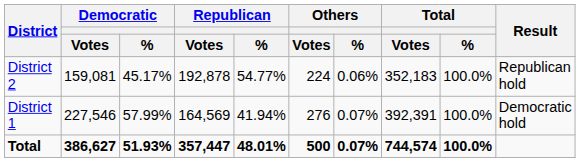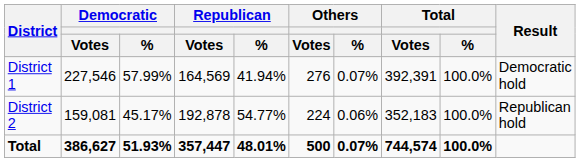 <table class="wikitable plainrowheaders sortable" style="font-size:100%; text-align:right;">
 <tr>
 <th scope=col rowspan=3><a href='#'>District</a></th>
 <th scope=col colspan=2><a href='#'>Democratic</a></th>
 <th scope=col colspan=2><a href='#'>Republican</a></th>
 <th scope=col colspan=2>Others</th>
 <th scope=col colspan=2>Total</th>
 <th scope=col rowspan=3>Result</th>
 </tr>
 <tr>
 <th scope=col colspan=2 style="background:"></th>
 <th scope=col colspan=2 style="background:"></th>
 <th scope=col colspan=2></th>
 <th scope=col colspan=2></th>
 </tr>
 <tr>
 <th scope=col data-sort-type="number">Votes</th>
 <th scope=col data-sort-type="number">%</th>
 <th scope=col data-sort-type="number">Votes</th>
 <th scope=col data-sort-type="number">%</th>
 <th scope=col data-sort-type="number">Votes</th>
 <th scope=col data-sort-type="number">%</th>
 <th scope=col data-sort-type="number">Votes</th>
 <th scope=col data-sort-type="number">%</th>
 </tr>
 <tr>
+<td align=left><a href='#'>District 1</a></td>
+<td>227,546</td>
+<td>57.99%</td>
+<td>164,569</td>
+<td>41.94%</td>
+<td>276</td>
+<td>0.07%</td>
+<td>392,391</td>
+<td>100.0%</td>
+<td align=left>Democratic hold</td>
+</tr>
+<tr>
 <td align=left><a href='#'>District 2</a></td>
 <td>159,081</td>
 <td>45.17%</td>
 <td>192,878</td>
 <td>54.77%</td>
 <td>224</td>
 <td>0.06%</td>
 <td>352,183</td>
 <td>100.0%</td>
 <td align=left>Republican hold</td>
-</tr>
-<tr>
-<td align=left><a href='#'>District 1</a></td>
-<td>227,546</td>
-<td>57.99%</td>
-<td>164,569</td>
-<td>41.94%</td>
-<td>276</td>
-<td>0.07%</td>
-<td>392,391</td>
-<td>100.0%</td>
-<td align=left>Democratic hold</td>
 </tr>
 <tr class="sortbottom" style="font-weight:bold">
 <td align=left>Total</td>
 <td>386,627</td>
 <td>51.93%</td>
 <td>357,447</td>
 <td>48.01%</td>
 <td>500</td>
 <td>0.07%</td>
 <td>744,574</td>
 <td>100.0%</td>
 <td></td>
 </tr>
 </table>
